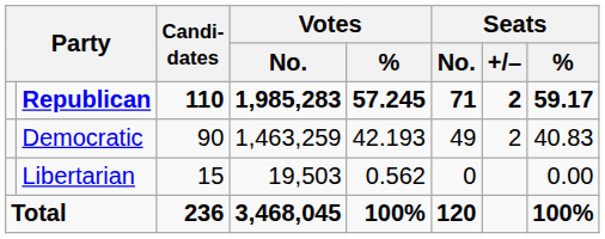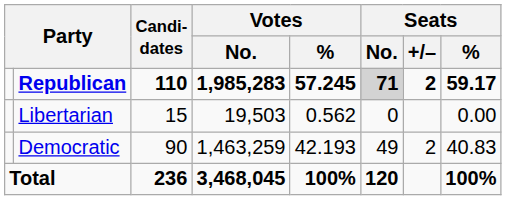 <table class="wikitable" style="font-size:100%; text-align:right;">
 <tr>
 <th colspan=2 rowspan=2>Party</th>
 <th rowspan=2><small>Candi-<br>dates</small></th>
 <th colspan=2>Votes</th>
 <th colspan=3>Seats</th>
 </tr>
 <tr>
 <th>No.</th>
 <th>%</th>
 <th>No.</th>
 <th>+/–</th>
 <th>%</th>
 </tr>
 <tr>
 <td style="background:"></td>
 <td align=left><strong><a href='#'>Republican</a></strong></td>
 <td><strong>110</strong></td>
 <td><strong>1,985,283</strong></td>
 <td><strong>57.245</strong></td>
-<td><strong>71</strong></td>
+<td style="background: lightgrey;"><strong>71</strong></td>
 <td><strong>2</strong></td>
 <td><strong>59.17</strong></td>
+</tr>
+<tr>
+<td style="background:"></td>
+<td align=left><a href='#'>Libertarian</a></td>
+<td>15</td>
+<td>19,503</td>
+<td>0.562</td>
+<td>0</td>
+<td></td>
+<td>0.00</td>
 </tr>
 <tr>
 <td style="background:"></td>
 <td align=left><a href='#'>Democratic</a></td>
 <td>90</td>
 <td>1,463,259</td>
 <td>42.193</td>
 <td>49</td>
 <td>2</td>
 <td>40.83</td>
 </tr>
-<tr>
-<td style="background:"></td>
-<td align=left><a href='#'>Libertarian</a></td>
-<td>15</td>
-<td>19,503</td>
-<td>0.562</td>
-<td>0</td>
-<td></td>
-<td>0.00</td>
-</tr>
 <tr style="font-weight:bold">
 <td colspan=2 align=left>Total</td>
 <td>236</td>
 <td>3,468,045</td>
 <td>100%</td>
 <td>120</td>
 <td></td>
 <td>100%</td>
 </tr>
 </table>
